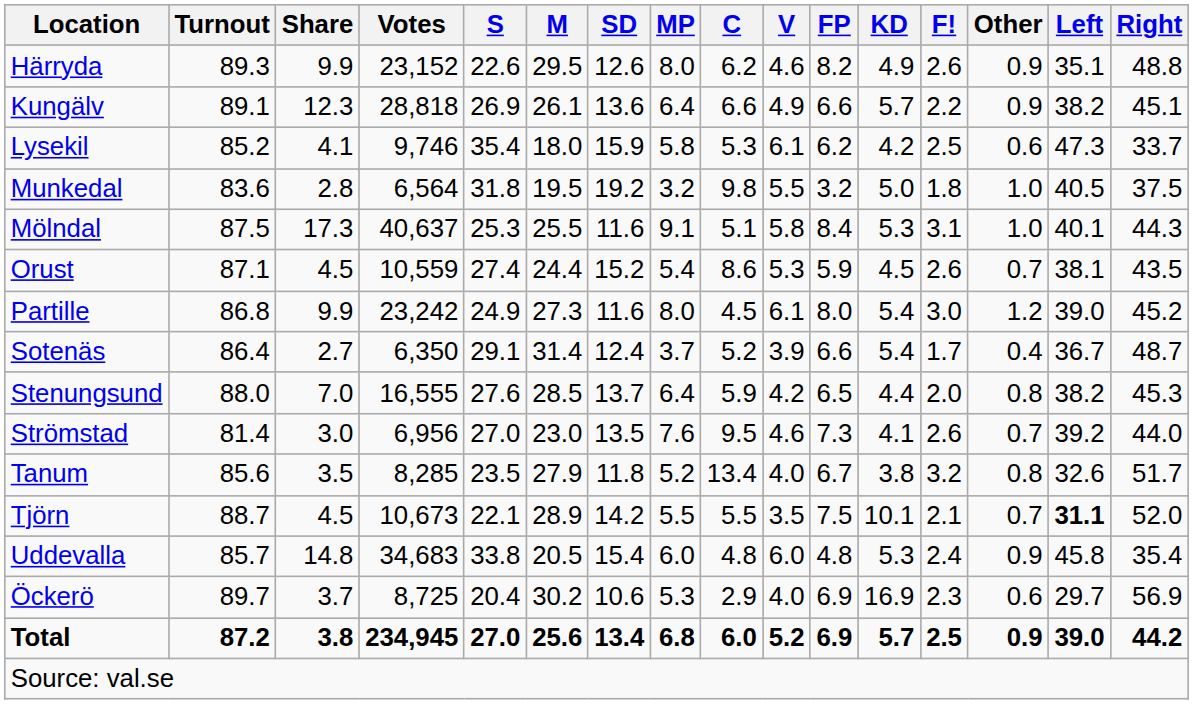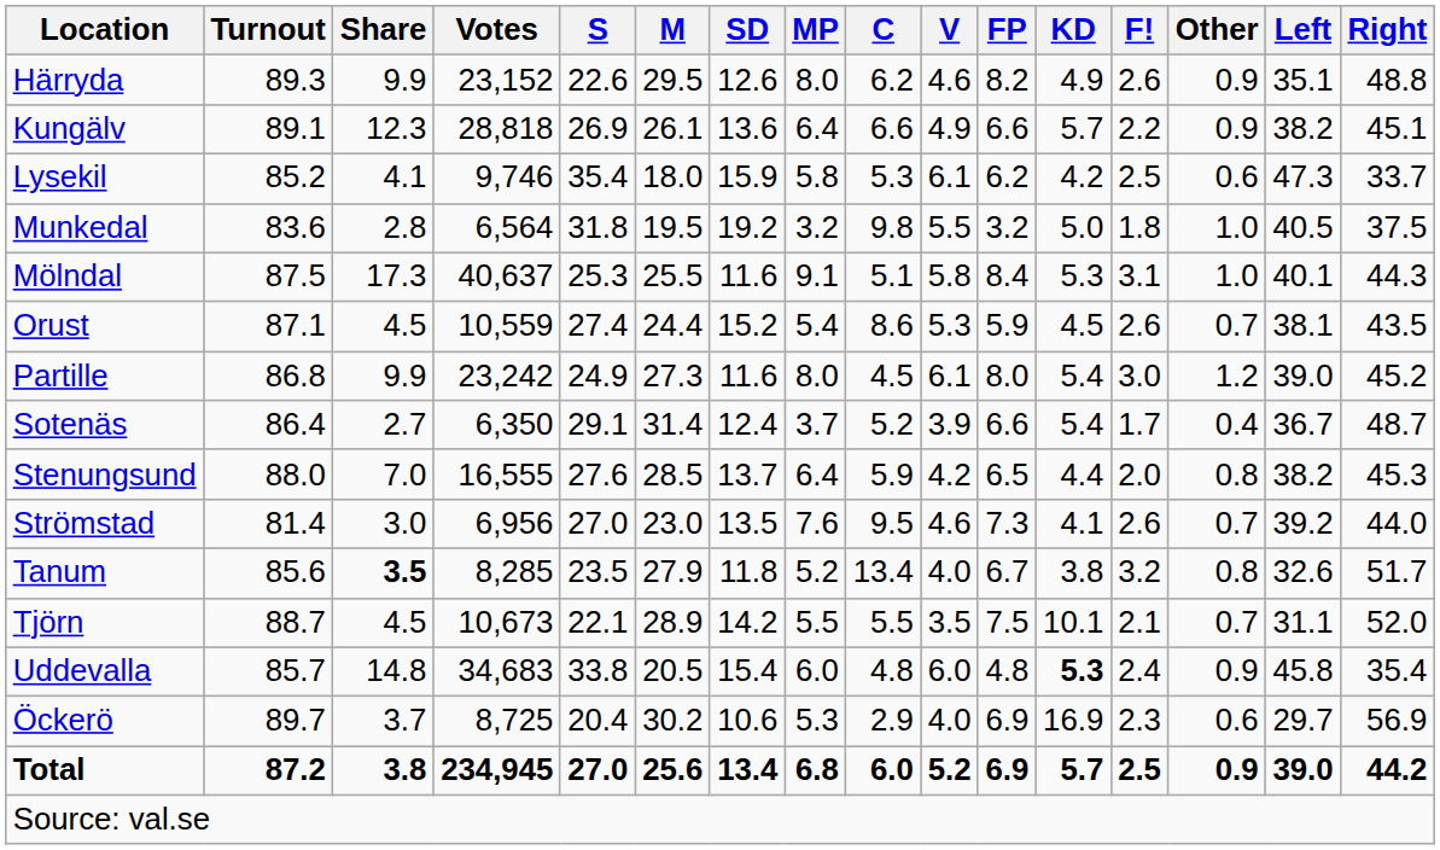 <table class="wikitable sortable" style=text-align:right>
 <tr>
 <th>Location</th>
 <th>Turnout</th>
 <th>Share</th>
 <th>Votes</th>
 <th><a href='#'>S</a></th>
 <th><a href='#'>M</a></th>
 <th><a href='#'>SD</a></th>
 <th><a href='#'>MP</a></th>
 <th><a href='#'>C</a></th>
 <th><a href='#'>V</a></th>
 <th><a href='#'>FP</a></th>
 <th><a href='#'>KD</a></th>
 <th><a href='#'>F!</a></th>
 <th>Other</th>
 <th><a href='#'>Left</a></th>
 <th><a href='#'>Right</a></th>
 </tr>
 <tr>
 <td align=left><a href='#'>Härryda</a></td>
 <td>89.3</td>
 <td>9.9</td>
 <td>23,152</td>
 <td>22.6</td>
 <td>29.5</td>
 <td>12.6</td>
 <td>8.0</td>
 <td>6.2</td>
 <td>4.6</td>
 <td>8.2</td>
 <td>4.9</td>
 <td>2.6</td>
 <td>0.9</td>
 <td>35.1</td>
 <td>48.8</td>
 </tr>
 <tr>
 <td align=left><a href='#'>Kungälv</a></td>
 <td>89.1</td>
 <td>12.3</td>
 <td>28,818</td>
 <td>26.9</td>
 <td>26.1</td>
 <td>13.6</td>
 <td>6.4</td>
 <td>6.6</td>
 <td>4.9</td>
 <td>6.6</td>
 <td>5.7</td>
 <td>2.2</td>
 <td>0.9</td>
 <td>38.2</td>
 <td>45.1</td>
 </tr>
 <tr>
 <td align=left><a href='#'>Lysekil</a></td>
 <td>85.2</td>
 <td>4.1</td>
 <td>9,746</td>
 <td>35.4</td>
 <td>18.0</td>
 <td>15.9</td>
 <td>5.8</td>
 <td>5.3</td>
 <td>6.1</td>
 <td>6.2</td>
 <td>4.2</td>
 <td>2.5</td>
 <td>0.6</td>
 <td>47.3</td>
 <td>33.7</td>
 </tr>
 <tr>
 <td align=left><a href='#'>Munkedal</a></td>
 <td>83.6</td>
 <td>2.8</td>
 <td>6,564</td>
 <td>31.8</td>
 <td>19.5</td>
 <td>19.2</td>
 <td>3.2</td>
 <td>9.8</td>
 <td>5.5</td>
 <td>3.2</td>
 <td>5.0</td>
 <td>1.8</td>
 <td>1.0</td>
 <td>40.5</td>
 <td>37.5</td>
 </tr>
 <tr>
 <td align=left><a href='#'>Mölndal</a></td>
 <td>87.5</td>
 <td>17.3</td>
 <td>40,637</td>
 <td>25.3</td>
 <td>25.5</td>
 <td>11.6</td>
 <td>9.1</td>
 <td>5.1</td>
 <td>5.8</td>
 <td>8.4</td>
 <td>5.3</td>
 <td>3.1</td>
 <td>1.0</td>
 <td>40.1</td>
 <td>44.3</td>
 </tr>
 <tr>
 <td align=left><a href='#'>Orust</a></td>
 <td>87.1</td>
 <td>4.5</td>
 <td>10,559</td>
 <td>27.4</td>
 <td>24.4</td>
 <td>15.2</td>
 <td>5.4</td>
 <td>8.6</td>
 <td>5.3</td>
 <td>5.9</td>
 <td>4.5</td>
 <td>2.6</td>
 <td>0.7</td>
 <td>38.1</td>
 <td>43.5</td>
 </tr>
 <tr>
 <td align=left><a href='#'>Partille</a></td>
 <td>86.8</td>
 <td>9.9</td>
 <td>23,242</td>
 <td>24.9</td>
 <td>27.3</td>
 <td>11.6</td>
 <td>8.0</td>
 <td>4.5</td>
 <td>6.1</td>
 <td>8.0</td>
 <td>5.4</td>
 <td>3.0</td>
 <td>1.2</td>
 <td>39.0</td>
 <td>45.2</td>
 </tr>
 <tr>
 <td align=left><a href='#'>Sotenäs</a></td>
 <td>86.4</td>
 <td>2.7</td>
 <td>6,350</td>
 <td>29.1</td>
 <td>31.4</td>
 <td>12.4</td>
 <td>3.7</td>
 <td>5.2</td>
 <td>3.9</td>
 <td>6.6</td>
 <td>5.4</td>
 <td>1.7</td>
 <td>0.4</td>
 <td>36.7</td>
 <td>48.7</td>
 </tr>
 <tr>
 <td align=left><a href='#'>Stenungsund</a></td>
 <td>88.0</td>
 <td>7.0</td>
 <td>16,555</td>
 <td>27.6</td>
 <td>28.5</td>
 <td>13.7</td>
 <td>6.4</td>
 <td>5.9</td>
 <td>4.2</td>
 <td>6.5</td>
 <td>4.4</td>
 <td>2.0</td>
 <td>0.8</td>
 <td>38.2</td>
 <td>45.3</td>
 </tr>
 <tr>
 <td align=left><a href='#'>Strömstad</a></td>
 <td>81.4</td>
 <td>3.0</td>
 <td>6,956</td>
 <td>27.0</td>
 <td>23.0</td>
 <td>13.5</td>
 <td>7.6</td>
 <td>9.5</td>
 <td>4.6</td>
 <td>7.3</td>
 <td>4.1</td>
 <td>2.6</td>
 <td>0.7</td>
 <td>39.2</td>
 <td>44.0</td>
 </tr>
 <tr>
 <td align=left><a href='#'>Tanum</a></td>
 <td>85.6</td>
-<td>3.5</td>
+<td><strong>3.5</strong></td>
 <td>8,285</td>
 <td>23.5</td>
 <td>27.9</td>
 <td>11.8</td>
 <td>5.2</td>
 <td>13.4</td>
 <td>4.0</td>
 <td>6.7</td>
 <td>3.8</td>
 <td>3.2</td>
 <td>0.8</td>
 <td>32.6</td>
 <td>51.7</td>
 </tr>
 <tr>
 <td align=left><a href='#'>Tjörn</a></td>
 <td>88.7</td>
 <td>4.5</td>
 <td>10,673</td>
 <td>22.1</td>
 <td>28.9</td>
 <td>14.2</td>
 <td>5.5</td>
 <td>5.5</td>
 <td>3.5</td>
 <td>7.5</td>
 <td>10.1</td>
 <td>2.1</td>
 <td>0.7</td>
-<td><strong>31.1</strong></td>
+<td>31.1</td>
 <td>52.0</td>
 </tr>
 <tr>
 <td align=left><a href='#'>Uddevalla</a></td>
 <td>85.7</td>
 <td>14.8</td>
 <td>34,683</td>
 <td>33.8</td>
 <td>20.5</td>
 <td>15.4</td>
 <td>6.0</td>
 <td>4.8</td>
 <td>6.0</td>
 <td>4.8</td>
-<td>5.3</td>
+<td><strong>5.3</strong></td>
 <td>2.4</td>
 <td>0.9</td>
 <td>45.8</td>
 <td>35.4</td>
 </tr>
 <tr>
 <td align=left><a href='#'>Öckerö</a></td>
 <td>89.7</td>
 <td>3.7</td>
 <td>8,725</td>
 <td>20.4</td>
 <td>30.2</td>
 <td>10.6</td>
 <td>5.3</td>
 <td>2.9</td>
 <td>4.0</td>
 <td>6.9</td>
 <td>16.9</td>
 <td>2.3</td>
 <td>0.6</td>
 <td>29.7</td>
 <td>56.9</td>
 </tr>
 <tr>
 <td align=left><strong>Total</strong></td>
 <td><strong>87.2</strong></td>
 <td><strong>3.8</strong></td>
 <td><strong>234,945</strong></td>
 <td><strong>27.0</strong></td>
 <td><strong>25.6</strong></td>
 <td><strong>13.4</strong></td>
 <td><strong>6.8</strong></td>
 <td><strong>6.0</strong></td>
 <td><strong>5.2</strong></td>
 <td><strong>6.9</strong></td>
 <td><strong>5.7</strong></td>
 <td><strong>2.5</strong></td>
 <td><strong>0.9</strong></td>
 <td><strong>39.0</strong></td>
 <td><strong>44.2</strong></td>
 </tr>
 <tr>
 <td align=left colspan=16>Source: val.se </td>
 </tr>
 </table>
